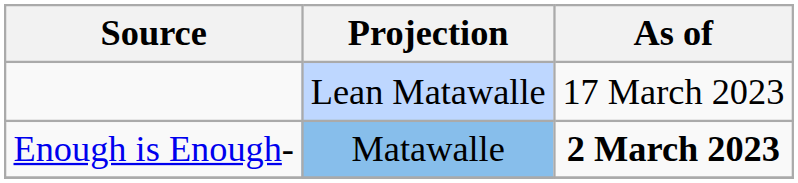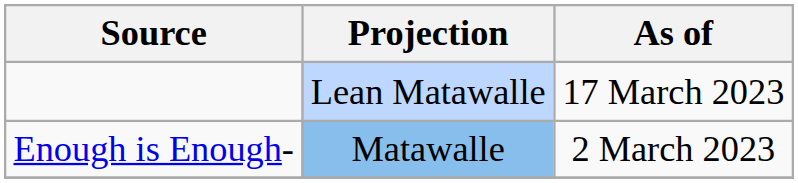 <table class="wikitable" style="text-align:center">
 <tr>
 <th>Source</th>
 <th colspan=2>Projection</th>
 <th>As of</th>
 </tr>
 <tr>
 <td align="left"></td>
 <td colspan=2 bgcolor=#bed7ff>Lean Matawalle</td>
 <td>17 March 2023</td>
 </tr>
 <tr>
 <td align="left"><a href='#'>Enough is Enough</a>-<br></td>
 <td colspan=2 bgcolor=#87BEEB>Matawalle</td>
-<td><strong>2 March 2023</strong></td>
+<td>2 March 2023</td>
 </tr>
 <tr>
 </tr>
 </table>
